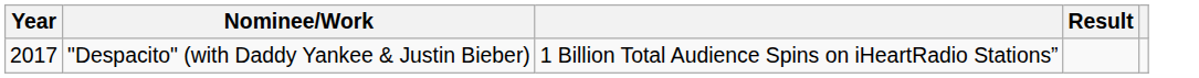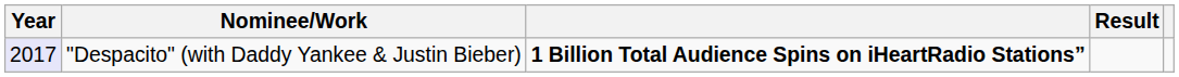 <table class="wikitable">
 <tr>
 <th>Year</th>
 <th>Nominee/Work</th>
 <th></th>
 <th>Result</th>
 <th></th>
 </tr>
 <tr>
-<td>2017</td>
+<td style="background: lavender;">2017</td>
 <td>"Despacito" (with Daddy Yankee & Justin Bieber)</td>
-<td>1 Billion Total Audience Spins on iHeartRadio Stations”</td>
+<td><strong>1 Billion Total Audience Spins on iHeartRadio Stations”</strong></td>
 <td></td>
 <td></td>
 </tr>
 </table>
